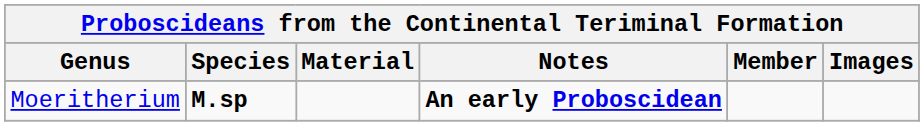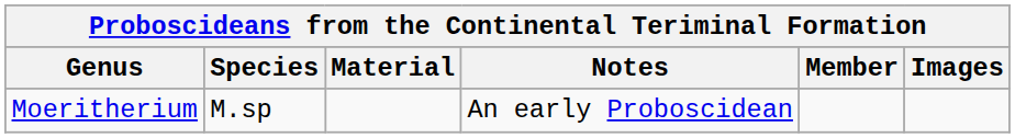 <table class="wikitable">
 <tr>
 <th colspan="6"><strong><a href='#'>Proboscideans</a> from the Continental Teriminal Formation</strong></th>
 </tr>
 <tr>
 <th>Genus</th>
 <th>Species</th>
 <th>Material</th>
 <th>Notes</th>
 <th>Member</th>
 <th>Images</th>
 </tr>
 <tr>
 <td><a href='#'>Moeritherium</a></td>
-<td><strong>M.sp</strong></td>
+<td>M.sp</td>
 <td></td>
-<td><strong>An early <a href='#'>Proboscidean</a></strong></td>
+<td>An early <a href='#'>Proboscidean</a></td>
 <td></td>
 <td><br></td>
 </tr>
 </table>
